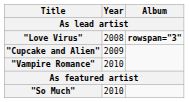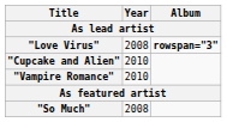 <table class="wikitable plainrowheaders" style="text-align:center">
 <tr>
 <th scope="col">Title</th>
 <th scope="col">Year</th>
 <th scope="col">Album</th>
 </tr>
 <tr>
 <th scope="col" colspan="3">As lead artist</th>
 </tr>
 <tr>
 <th scope="row">"Love Virus"</th>
 <td>2008</td>
 <td><strong>rowspan="3" </strong></td>
 </tr>
 <tr>
 <th scope="row">"Cupcake and Alien"</th>
-<td>2009</td>
+<td>2010</td>
 </tr>
 <tr>
 <th scope="row">"Vampire Romance"</th>
 <td>2010</td>
 </tr>
 <tr>
 <th scope="col" colspan="3">As featured artist</th>
 </tr>
 <tr>
 <th scope="row">"So Much"<br></th>
-<td>2010</td>
+<td>2008</td>
 <td></td>
 </tr>
 </table>
